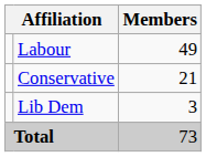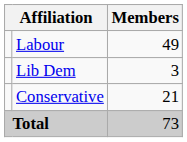 <table class="wikitable">
 <tr>
 <th colspan="2">Affiliation</th>
 <th>Members</th>
 </tr>
 <tr>
 <td style="color:inherit;background:"></td>
 <td><a href='#'>Labour</a></td>
 <td align="right">49</td>
 </tr>
 <tr>
 <td style="color:inherit;background:"></td>
-<td><a href='#'>Conservative</a></td>
-<td align="right">21</td>
+<td><a href='#'>Lib Dem</a></td>
+<td align="right">3</td>
 </tr>
 <tr>
 <td style="color:inherit;background:"></td>
-<td><a href='#'>Lib Dem</a></td>
-<td align="right">3</td>
+<td><a href='#'>Conservative</a></td>
+<td align="right">21</td>
 </tr>
 <tr bgcolor="CCCCCC">
 <td colspan="2" rowspan="1"> <strong>Total</strong></td>
 <td align="right">73</td>
 </tr>
 </table>
